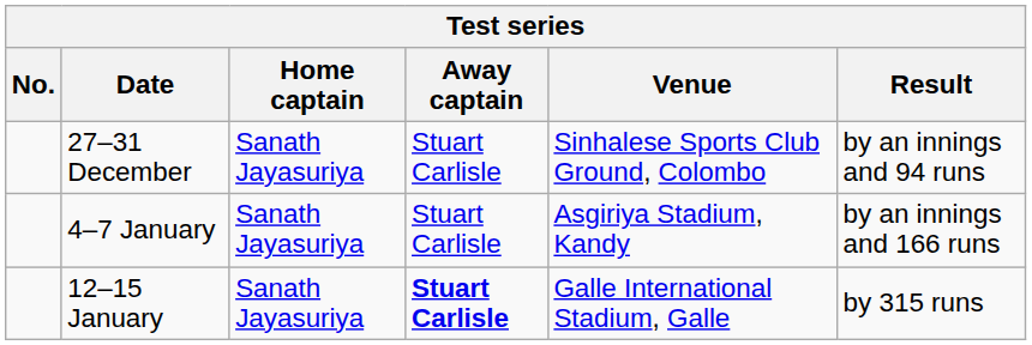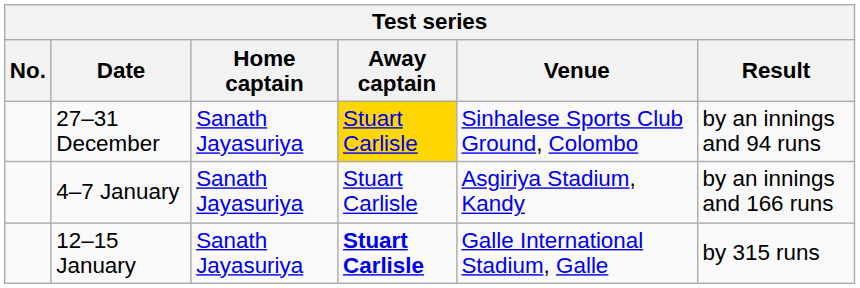 <table class="wikitable">
 <tr>
 <th colspan="9">Test series</th>
 </tr>
 <tr>
 <th>No.</th>
 <th>Date</th>
 <th>Home captain</th>
 <th>Away captain</th>
 <th>Venue</th>
 <th>Result</th>
 </tr>
 <tr>
 <td></td>
 <td>27–31 December</td>
 <td><a href='#'>Sanath Jayasuriya</a></td>
-<td><a href='#'>Stuart Carlisle</a></td>
+<td style="background: gold;"><a href='#'>Stuart Carlisle</a></td>
 <td><a href='#'>Sinhalese Sports Club Ground</a>, <a href='#'>Colombo</a></td>
 <td> by an innings and 94 runs</td>
 </tr>
 <tr>
 <td></td>
 <td>4–7 January</td>
 <td><a href='#'>Sanath Jayasuriya</a></td>
 <td><a href='#'>Stuart Carlisle</a></td>
 <td><a href='#'>Asgiriya Stadium</a>, <a href='#'>Kandy</a></td>
 <td> by an innings and 166 runs</td>
 </tr>
 <tr>
 <td></td>
 <td>12–15 January</td>
 <td><a href='#'>Sanath Jayasuriya</a></td>
 <td><strong><a href='#'>Stuart Carlisle</a></strong></td>
 <td><a href='#'>Galle International Stadium</a>, <a href='#'>Galle</a></td>
 <td> by 315 runs</td>
 </tr>
 </table>
